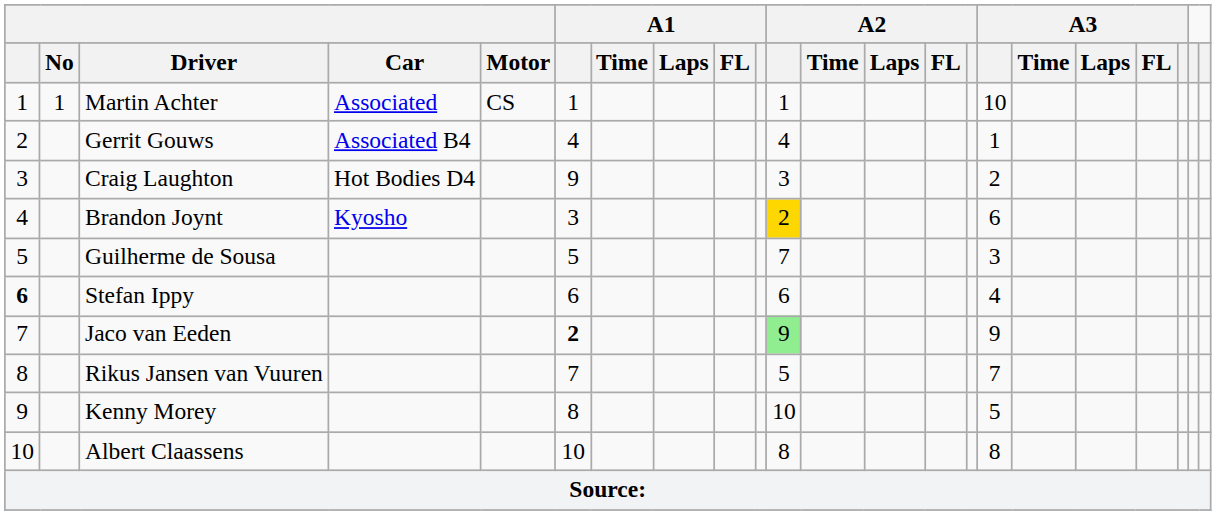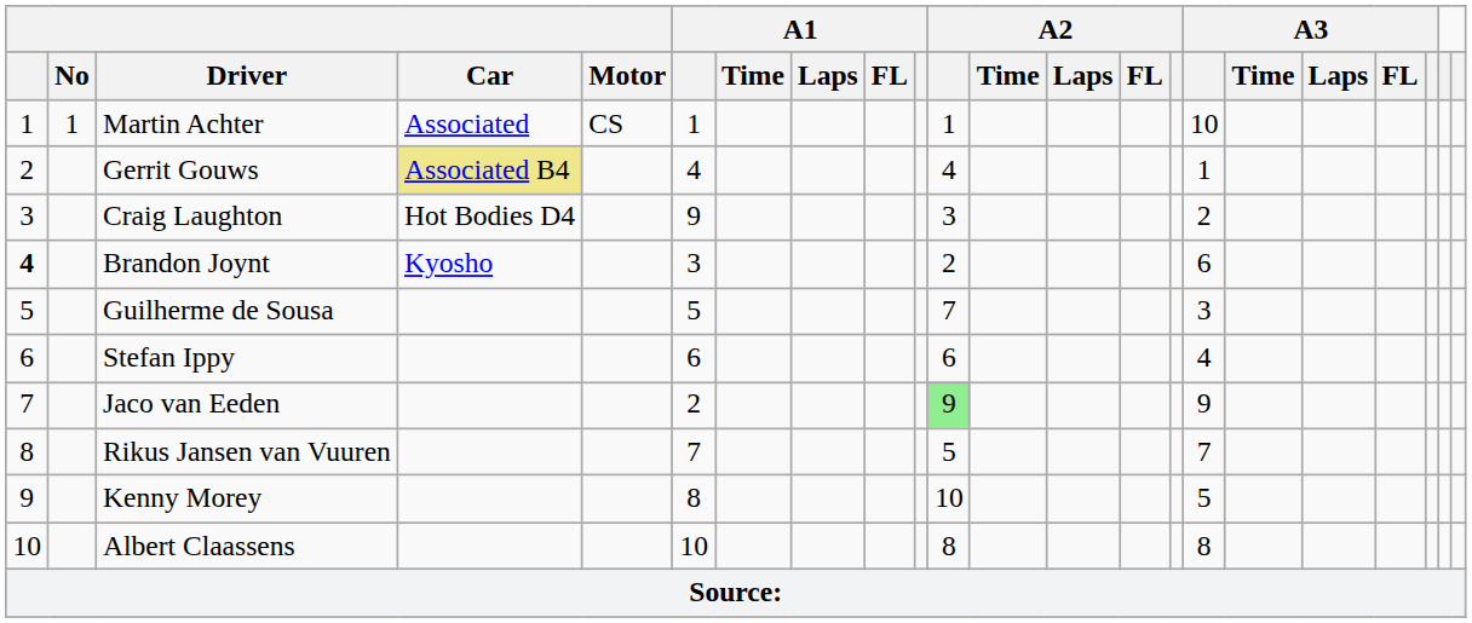 <table class="wikitable" style="font-size:85%;">
 <tr>
 <th colspan="5"></th>
 <th colspan="5" style="text-align:center;">A1</th>
 <th colspan="5" style="text-align:center;">A2</th>
 <th colspan="5" style="text-align:center;">A3</th>
 </tr>
 <tr>
 <th style="text-align:center;"></th>
 <th style="text-align:center;">No</th>
 <th style="text-align:center;">Driver</th>
 <th style="text-align:center;">Car</th>
 <th style="text-align:center;">Motor</th>
 <th style="text-align:center;"></th>
 <th style="text-align:center;">Time</th>
 <th style="text-align:center;">Laps</th>
 <th style="text-align:center;">FL</th>
 <th style="text-align:center;"></th>
 <th style="text-align:center;"></th>
 <th style="text-align:center;">Time</th>
 <th style="text-align:center;">Laps</th>
 <th style="text-align:center;">FL</th>
 <th style="text-align:center;"></th>
 <th style="text-align:center;"></th>
 <th style="text-align:center;">Time</th>
 <th style="text-align:center;">Laps</th>
 <th style="text-align:center;">FL</th>
 <th style="text-align:center;"></th>
 <th align="center"></th>
 <th align="center"></th>
 </tr>
 <tr>
 <td style="text-align:center;">1</td>
 <td style="text-align:center;">1</td>
 <td> Martin Achter</td>
 <td><a href='#'>Associated</a></td>
 <td>CS</td>
 <td style="text-align:center;">1</td>
 <td style="text-align:center;"></td>
 <td style="text-align:center;"></td>
 <td style="text-align:center;"></td>
 <td style="text-align:center;"></td>
 <td style="text-align:center;">1</td>
 <td style="text-align:center;"></td>
 <td style="text-align:center;"></td>
 <td style="text-align:center;"></td>
 <td style="text-align:center;"></td>
 <td style="text-align:center;">10</td>
 <td style="text-align:center;"></td>
 <td style="text-align:center;"></td>
 <td style="text-align:center;"></td>
 <td style="text-align:center;"></td>
 <td align="center"></td>
 <td align="center"></td>
 </tr>
 <tr>
 <td style="text-align:center;">2</td>
 <td style="text-align:center;"></td>
 <td> Gerrit Gouws</td>
-<td><a href='#'>Associated</a> B4</td>
+<td style="background: khaki;"><a href='#'>Associated</a> B4</td>
 <td></td>
 <td style="text-align:center;">4</td>
 <td style="text-align:center;"></td>
 <td style="text-align:center;"></td>
 <td style="text-align:center;"></td>
 <td style="text-align:center;"></td>
 <td style="text-align:center;">4</td>
 <td style="text-align:center;"></td>
 <td style="text-align:center;"></td>
 <td style="text-align:center;"></td>
 <td style="text-align:center;"></td>
 <td style="text-align:center;">1</td>
 <td style="text-align:center;"></td>
 <td style="text-align:center;"></td>
 <td style="text-align:center;"></td>
 <td style="text-align:center;"></td>
 <td align="center"></td>
 <td align="center"></td>
 </tr>
 <tr>
 <td style="text-align:center;">3</td>
 <td style="text-align:center;"></td>
 <td> Craig Laughton</td>
 <td>Hot Bodies D4</td>
 <td></td>
 <td style="text-align:center;">9</td>
 <td style="text-align:center;"></td>
 <td style="text-align:center;"></td>
 <td style="text-align:center;"></td>
 <td style="text-align:center;"></td>
 <td style="text-align:center;">3</td>
 <td style="text-align:center;"></td>
 <td style="text-align:center;"></td>
 <td style="text-align:center;"></td>
 <td style="text-align:center;"></td>
 <td style="text-align:center;">2</td>
 <td style="text-align:center;"></td>
 <td style="text-align:center;"></td>
 <td style="text-align:center;"></td>
 <td style="text-align:center;"></td>
 <td align="center"></td>
 <td align="center"></td>
 </tr>
 <tr>
-<td style="text-align:center;">4</td>
+<td style="text-align:center;"><strong>4</strong></td>
 <td style="text-align:center;"></td>
 <td> Brandon Joynt</td>
 <td><a href='#'>Kyosho</a></td>
 <td></td>
 <td style="text-align:center;">3</td>
 <td style="text-align:center;"></td>
 <td style="text-align:center;"></td>
 <td style="text-align:center;"></td>
 <td style="text-align:center;"></td>
-<td style="background: gold; text-align:center;">2</td>
+<td style="text-align:center;">2</td>
 <td style="text-align:center;"></td>
 <td style="text-align:center;"></td>
 <td style="text-align:center;"></td>
 <td style="text-align:center;"></td>
 <td style="text-align:center;">6</td>
 <td style="text-align:center;"></td>
 <td style="text-align:center;"></td>
 <td style="text-align:center;"></td>
 <td style="text-align:center;"></td>
 <td align="center"></td>
 <td align="center"></td>
 </tr>
 <tr>
 <td style="text-align:center;">5</td>
 <td style="text-align:center;"></td>
 <td> Guilherme de Sousa</td>
 <td></td>
 <td></td>
 <td style="text-align:center;">5</td>
 <td style="text-align:center;"></td>
 <td style="text-align:center;"></td>
 <td style="text-align:center;"></td>
 <td style="text-align:center;"></td>
 <td style="text-align:center;">7</td>
 <td style="text-align:center;"></td>
 <td style="text-align:center;"></td>
 <td style="text-align:center;"></td>
 <td style="text-align:center;"></td>
 <td style="text-align:center;">3</td>
 <td style="text-align:center;"></td>
 <td style="text-align:center;"></td>
 <td style="text-align:center;"></td>
 <td style="text-align:center;"></td>
 <td align="center"></td>
 <td align="center"></td>
 </tr>
 <tr>
-<td style="text-align:center;"><strong>6</strong></td>
+<td style="text-align:center;">6</td>
 <td style="text-align:center;"></td>
 <td> Stefan Ippy</td>
 <td></td>
 <td></td>
 <td style="text-align:center;">6</td>
 <td style="text-align:center;"></td>
 <td style="text-align:center;"></td>
 <td style="text-align:center;"></td>
 <td style="text-align:center;"></td>
 <td style="text-align:center;">6</td>
 <td style="text-align:center;"></td>
 <td style="text-align:center;"></td>
 <td style="text-align:center;"></td>
 <td style="text-align:center;"></td>
 <td style="text-align:center;">4</td>
 <td style="text-align:center;"></td>
 <td style="text-align:center;"></td>
 <td style="text-align:center;"></td>
 <td style="text-align:center;"></td>
 <td align="center"></td>
 <td align="center"></td>
 </tr>
 <tr>
 <td style="text-align:center;">7</td>
 <td style="text-align:center;"></td>
 <td> Jaco van Eeden</td>
 <td></td>
 <td></td>
-<td style="text-align:center;"><strong>2</strong></td>
+<td style="text-align:center;">2</td>
 <td style="text-align:center;"></td>
 <td style="text-align:center;"></td>
 <td style="text-align:center;"></td>
 <td style="text-align:center;"></td>
 <td style="background: lightgreen; text-align:center;">9</td>
 <td style="text-align:center;"></td>
 <td style="text-align:center;"></td>
 <td style="text-align:center;"></td>
 <td style="text-align:center;"></td>
 <td style="text-align:center;">9</td>
 <td style="text-align:center;"></td>
 <td style="text-align:center;"></td>
 <td style="text-align:center;"></td>
 <td style="text-align:center;"></td>
 <td align="center"></td>
 <td align="center"></td>
 </tr>
 <tr>
 <td style="text-align:center;">8</td>
 <td style="text-align:center;"></td>
 <td> Rikus Jansen van Vuuren</td>
 <td></td>
 <td></td>
 <td style="text-align:center;">7</td>
 <td style="text-align:center;"></td>
 <td style="text-align:center;"></td>
 <td style="text-align:center;"></td>
 <td style="text-align:center;"></td>
 <td style="text-align:center;">5</td>
 <td style="text-align:center;"></td>
 <td style="text-align:center;"></td>
 <td style="text-align:center;"></td>
 <td style="text-align:center;"></td>
 <td style="text-align:center;">7</td>
 <td style="text-align:center;"></td>
 <td style="text-align:center;"></td>
 <td style="text-align:center;"></td>
 <td style="text-align:center;"></td>
 <td align="center"></td>
 <td align="center"></td>
 </tr>
 <tr>
 <td style="text-align:center;">9</td>
 <td style="text-align:center;"></td>
 <td> Kenny Morey</td>
 <td></td>
 <td></td>
 <td style="text-align:center;">8</td>
 <td style="text-align:center;"></td>
 <td style="text-align:center;"></td>
 <td style="text-align:center;"></td>
 <td style="text-align:center;"></td>
 <td style="text-align:center;">10</td>
 <td style="text-align:center;"></td>
 <td style="text-align:center;"></td>
 <td style="text-align:center;"></td>
 <td style="text-align:center;"></td>
 <td style="text-align:center;">5</td>
 <td style="text-align:center;"></td>
 <td style="text-align:center;"></td>
 <td style="text-align:center;"></td>
 <td style="text-align:center;"></td>
 <td align="center"></td>
 <td align="center"></td>
 </tr>
 <tr>
 <td style="text-align:center;">10</td>
 <td style="text-align:center;"></td>
 <td> Albert Claassens</td>
 <td></td>
 <td></td>
 <td style="text-align:center;">10</td>
 <td style="text-align:center;"></td>
 <td style="text-align:center;"></td>
 <td style="text-align:center;"></td>
 <td style="text-align:center;"></td>
 <td style="text-align:center;">8</td>
 <td style="text-align:center;"></td>
 <td style="text-align:center;"></td>
 <td style="text-align:center;"></td>
 <td style="text-align:center;"></td>
 <td style="text-align:center;">8</td>
 <td style="text-align:center;"></td>
 <td style="text-align:center;"></td>
 <td style="text-align:center;"></td>
 <td style="text-align:center;"></td>
 <td align="center"></td>
 <td align="center"></td>
 </tr>
 <tr>
 <th style="background:#f2f3f4;" colspan="22">Source:</th>
 </tr>
 </table>
